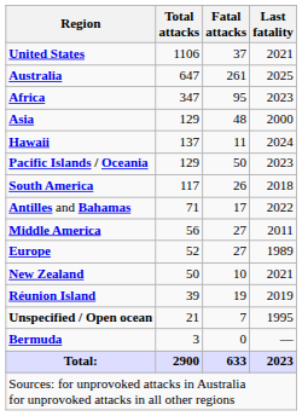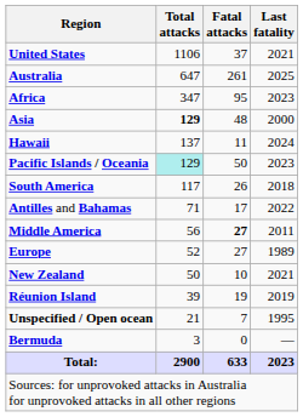 <table class="wikitable sortable" style="width:auto; float:right; clear:right; margin:0 0 0.5em 1em; text-align:right; font-size: 85%;">
 <tr>
 <th>Region</th>
 <th>Total<br>attacks</th>
 <th>Fatal<br>attacks</th>
 <th>Last<br>fatality</th>
 </tr>
 <tr>
 <td style="text-align:left"><strong><a href='#'>United States</a></strong></td>
 <td>1106</td>
 <td>37</td>
 <td>2021</td>
 </tr>
 <tr>
 <td style="text-align:left"><strong><a href='#'>Australia</a></strong></td>
 <td>647</td>
 <td>261</td>
 <td>2025</td>
 </tr>
 <tr>
 <td style="text-align:left"><strong><a href='#'>Africa</a></strong></td>
 <td>347</td>
 <td>95</td>
 <td>2023</td>
 </tr>
 <tr>
 <td style="text-align:left"><strong><a href='#'>Asia</a></strong></td>
-<td>129</td>
+<td><strong>129</strong></td>
 <td>48</td>
 <td>2000</td>
 </tr>
 <tr>
 <td style="text-align:left"><strong><a href='#'>Hawaii</a></strong></td>
 <td>137</td>
 <td>11</td>
 <td>2024</td>
 </tr>
 <tr>
 <td style="text-align:left"><strong><a href='#'>Pacific Islands</a> / <a href='#'>Oceania</a> </strong></td>
-<td>129</td>
+<td style="background: paleturquoise;">129</td>
 <td>50</td>
 <td>2023</td>
 </tr>
 <tr>
 <td style="text-align:left"><strong><a href='#'>South America</a></strong></td>
 <td>117</td>
 <td>26</td>
 <td>2018</td>
 </tr>
 <tr>
 <td style="text-align:left"><strong><a href='#'>Antilles</a></strong> and <strong><a href='#'>Bahamas</a></strong></td>
 <td>71</td>
 <td>17</td>
 <td>2022</td>
 </tr>
 <tr>
 <td style="text-align:left"><strong><a href='#'>Middle America</a></strong></td>
 <td>56</td>
-<td>27</td>
+<td><strong>27</strong></td>
 <td>2011</td>
 </tr>
 <tr>
 <td style="text-align:left"><strong><a href='#'>Europe</a></strong></td>
 <td>52</td>
 <td>27</td>
 <td>1989</td>
 </tr>
 <tr>
 <td style="text-align:left"><strong><a href='#'>New Zealand</a></strong></td>
 <td>50</td>
 <td>10</td>
 <td>2021</td>
 </tr>
 <tr>
 <td style="text-align:left"><strong><a href='#'>Réunion Island</a></strong></td>
 <td>39</td>
 <td>19</td>
 <td>2019</td>
 </tr>
 <tr>
 <td style="text-align:left"><strong>Unspecified / Open ocean</strong></td>
 <td>21</td>
 <td>7</td>
 <td>1995</td>
 </tr>
 <tr>
 <td style="text-align:left"><strong><a href='#'>Bermuda</a></strong></td>
 <td>3</td>
 <td>0</td>
 <td>—</td>
 </tr>
 <tr class="sortbottom">
 <th style="background:#ddf; text-align:center;">Total:</th>
 <th style="background:#ddf; text-align:right;">2900</th>
 <th style="background:#ddf; text-align:right;">633</th>
 <th style="background:#ddf; text-align:right;">2023</th>
 </tr>
 <tr class="sortbottom">
 <td style="text-align:left" colspan="4">Sources:   for unprovoked attacks in Australia<br> for unprovoked attacks in all other regions<br></td>
 </tr>
 </table>
